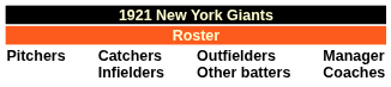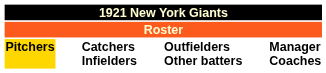 <table class="toccolours" style="font-size: 95%;">
 <tr>
 <th colspan="10" style="background-color: black; color: #FFFDD0; text-align: center;">1921 New York Giants</th>
 </tr>
 <tr>
 <td colspan="10" style="background-color: #fd5a1e; color: #FFFDD0; text-align: center;"><strong>Roster</strong></td>
 </tr>
 <tr>
-<td valign="top"><strong>Pitchers</strong><br>                   </td>
+<td valign="top" style="background: gold;"><strong>Pitchers</strong><br>                   </td>
 <td width="25px"></td>
 <td valign="top"><strong>Catchers</strong><br>    <strong>Infielders</strong>                      </td>
 <td width="25px"></td>
 <td valign="top"><strong>Outfielders</strong><br>              <strong>Other batters</strong> </td>
 <td width="25px"></td>
 <td valign="top"><strong>Manager</strong><br> <strong>Coaches</strong>   </td>
 </tr>
 </table>
